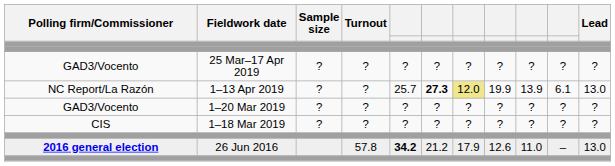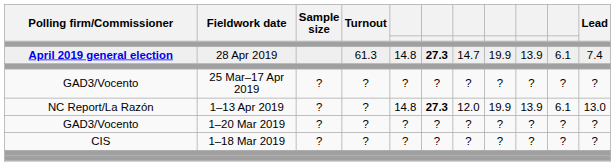 <table class="wikitable collapsible collapsed" style="text-align:center; font-size:95%; line-height:16px;">
 <tr style="height:42px;">
 <th style="width:250px;" rowspan="2">Polling firm/Commissioner</th>
 <th style="width:125px;" rowspan="2">Fieldwork date</th>
 <th style="width:50px;" rowspan="2">Sample size</th>
 <th style="width:45px;" rowspan="2">Turnout</th>
 <th style="width:35px;"></th>
 <th style="width:35px;"></th>
 <th style="width:35px;"></th>
 <th style="width:35px;"></th>
 <th style="width:35px;"></th>
 <th style="width:35px;"></th>
 <th style="width:30px;" rowspan="2">Lead</th>
 </tr>
 <tr>
 <th style="color:inherit;background:"></th>
 <th style="color:inherit;background:"></th>
 <th style="color:inherit;background:"></th>
 <th style="color:inherit;background:"></th>
 <th style="color:inherit;background:"></th>
 <th style="color:inherit;background:"></th>
 </tr>
 <tr>
 <td colspan="11" style="background:#A0A0A0"></td>
 </tr>
+<tr style="background:#EFEFEF;">
+<td><strong><a href='#'>April 2019 general election</a></strong></td>
+<td>28 Apr 2019</td>
+<td></td>
+<td>61.3</td>
+<td>14.8<br></td>
+<td><strong>27.3</strong><br></td>
+<td>14.7<br></td>
+<td>19.9<br></td>
+<td>13.9<br></td>
+<td>6.1<br></td>
+<td style="background:">7.4</td>
+</tr>
 <tr>
 <td colspan="11" style="background:#A0A0A0"></td>
 </tr>
 <tr>
 <td>GAD3/Vocento</td>
 <td>25 Mar–17 Apr 2019</td>
 <td>?</td>
 <td>?</td>
 <td>?<br></td>
 <td>?<br></td>
 <td>?<br></td>
 <td>?<br></td>
 <td>?<br></td>
 <td>?<br></td>
 <td style="background:">?</td>
 </tr>
 <tr>
 <td>NC Report/La Razón</td>
 <td>1–13 Apr 2019</td>
 <td>?</td>
 <td>?</td>
-<td>25.7<br></td>
+<td>14.8<br></td>
 <td><strong>27.3</strong><br></td>
-<td style="background: khaki;">12.0<br></td>
+<td>12.0<br></td>
 <td>19.9<br></td>
 <td>13.9<br></td>
 <td>6.1<br></td>
 <td style="background:">13.0</td>
 </tr>
 <tr>
 <td>GAD3/Vocento</td>
 <td>1–20 Mar 2019</td>
 <td>?</td>
 <td>?</td>
 <td>?<br></td>
 <td>?<br></td>
 <td>?<br></td>
 <td>?<br></td>
 <td>?<br></td>
 <td>?<br></td>
 <td style="background:">?</td>
 </tr>
 <tr>
 <td>CIS</td>
 <td>1–18 Mar 2019</td>
 <td>?</td>
 <td>?</td>
 <td>?<br></td>
 <td>?<br></td>
 <td>?<br></td>
 <td>?<br></td>
 <td>?<br></td>
 <td>?<br></td>
 <td style="background:">?</td>
 </tr>
 <tr>
 <td colspan="11" style="background:#A0A0A0"></td>
 </tr>
-<tr style="background:#EFEFEF;">
-<td><strong><a href='#'>2016 general election</a></strong></td>
-<td>26 Jun 2016</td>
-<td></td>
-<td>57.8</td>
-<td><strong>34.2</strong><br></td>
-<td>21.2<br></td>
-<td>17.9<br></td>
-<td>12.6<br></td>
-<td>11.0<br></td>
-<td>–</td>
-<td style="background:">13.0</td>
-</tr>
 <tr>
 <td colspan="11" style="background:#A0A0A0"></td>
 </tr>
 </table>
